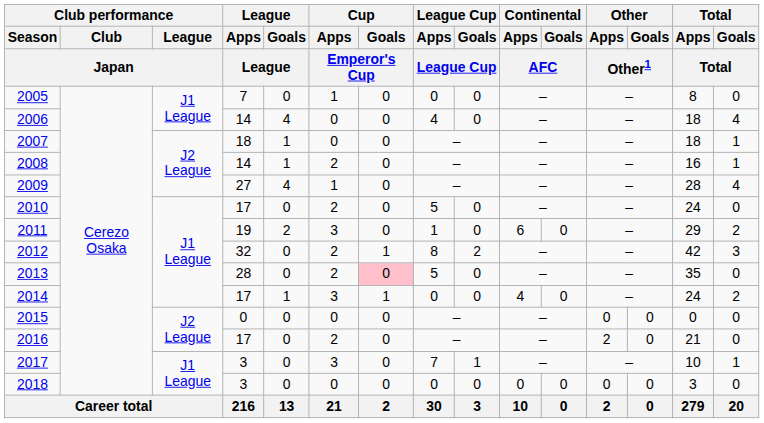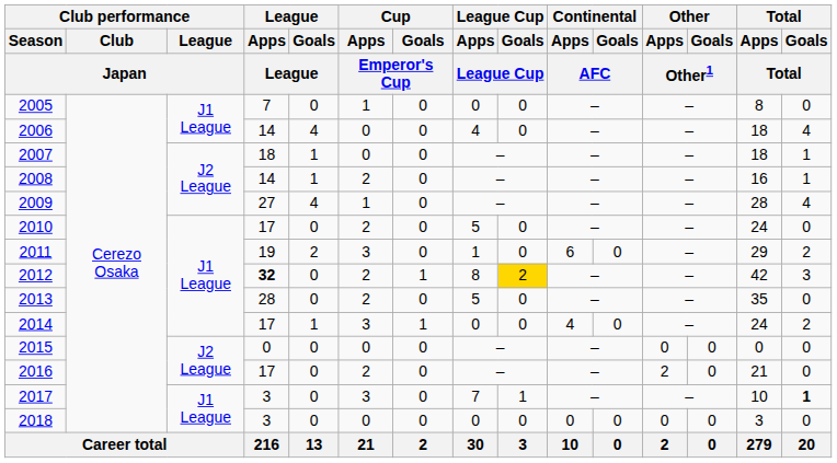 <table class="wikitable" style="text-align:center">
 <tr>
 <th colspan=3>Club performance</th>
 <th colspan=2>League</th>
 <th colspan=2>Cup</th>
 <th colspan=2>League Cup</th>
 <th colspan=2>Continental</th>
 <th colspan=2>Other</th>
 <th colspan=2>Total</th>
 </tr>
 <tr>
 <th>Season</th>
 <th>Club</th>
 <th>League</th>
 <th>Apps</th>
 <th>Goals</th>
 <th>Apps</th>
 <th>Goals</th>
 <th>Apps</th>
 <th>Goals</th>
 <th>Apps</th>
 <th>Goals</th>
 <th>Apps</th>
 <th>Goals</th>
 <th>Apps</th>
 <th>Goals</th>
 </tr>
 <tr>
 <th colspan=3>Japan</th>
 <th colspan=2>League</th>
 <th colspan=2><a href='#'>Emperor's Cup</a></th>
 <th colspan=2><a href='#'>League Cup</a></th>
 <th colspan=2><a href='#'>AFC</a></th>
 <th colspan="2">Other<sup><a href='#'>1</a></sup></th>
 <th colspan=2>Total</th>
 </tr>
 <tr>
 <td><a href='#'>2005</a></td>
 <td rowspan="14"><a href='#'>Cerezo Osaka</a></td>
 <td rowspan="2"><a href='#'>J1 League</a></td>
 <td>7</td>
 <td>0</td>
 <td>1</td>
 <td>0</td>
 <td>0</td>
 <td>0</td>
 <td colspan="2">–</td>
 <td colspan="2">–</td>
 <td>8</td>
 <td>0</td>
 </tr>
 <tr>
 <td><a href='#'>2006</a></td>
 <td>14</td>
 <td>4</td>
 <td>0</td>
 <td>0</td>
 <td>4</td>
 <td>0</td>
 <td colspan="2">–</td>
 <td colspan="2">–</td>
 <td>18</td>
 <td>4</td>
 </tr>
 <tr>
 <td><a href='#'>2007</a></td>
 <td rowspan="3"><a href='#'>J2 League</a></td>
 <td>18</td>
 <td>1</td>
 <td>0</td>
 <td>0</td>
 <td colspan="2">–</td>
 <td colspan="2">–</td>
 <td colspan="2">–</td>
 <td>18</td>
 <td>1</td>
 </tr>
 <tr>
 <td><a href='#'>2008</a></td>
 <td>14</td>
 <td>1</td>
 <td>2</td>
 <td>0</td>
 <td colspan="2">–</td>
 <td colspan="2">–</td>
 <td colspan="2">–</td>
 <td>16</td>
 <td>1</td>
 </tr>
 <tr>
 <td><a href='#'>2009</a></td>
 <td>27</td>
 <td>4</td>
 <td>1</td>
 <td>0</td>
 <td colspan="2">–</td>
 <td colspan="2">–</td>
 <td colspan="2">–</td>
 <td>28</td>
 <td>4</td>
 </tr>
 <tr>
 <td><a href='#'>2010</a></td>
 <td rowspan="5"><a href='#'>J1 League</a></td>
 <td>17</td>
 <td>0</td>
 <td>2</td>
 <td>0</td>
 <td>5</td>
 <td>0</td>
 <td colspan="2">–</td>
 <td colspan="2">–</td>
 <td>24</td>
 <td>0</td>
 </tr>
 <tr>
 <td><a href='#'>2011</a></td>
 <td>19</td>
 <td>2</td>
 <td>3</td>
 <td>0</td>
 <td>1</td>
 <td>0</td>
 <td>6</td>
 <td>0</td>
 <td colspan="2">–</td>
 <td>29</td>
 <td>2</td>
 </tr>
 <tr>
 <td><a href='#'>2012</a></td>
-<td>32</td>
+<td><strong>32</strong></td>
 <td>0</td>
 <td>2</td>
 <td>1</td>
 <td>8</td>
-<td>2</td>
+<td style="background: gold;">2</td>
 <td colspan="2">–</td>
 <td colspan="2">–</td>
 <td>42</td>
 <td>3</td>
 </tr>
 <tr>
 <td><a href='#'>2013</a></td>
 <td>28</td>
 <td>0</td>
 <td>2</td>
-<td style="background: pink;">0</td>
+<td>0</td>
 <td>5</td>
 <td>0</td>
 <td colspan="2">–</td>
 <td colspan="2">–</td>
 <td>35</td>
 <td>0</td>
 </tr>
 <tr>
 <td><a href='#'>2014</a></td>
 <td>17</td>
 <td>1</td>
 <td>3</td>
 <td>1</td>
 <td>0</td>
 <td>0</td>
 <td>4</td>
 <td>0</td>
 <td colspan="2">–</td>
 <td>24</td>
 <td>2</td>
 </tr>
 <tr>
 <td><a href='#'>2015</a></td>
 <td rowspan="2"><a href='#'>J2 League</a></td>
 <td>0</td>
 <td>0</td>
 <td>0</td>
 <td>0</td>
 <td colspan="2">–</td>
 <td colspan="2">–</td>
 <td>0</td>
 <td>0</td>
 <td>0</td>
 <td>0</td>
 </tr>
 <tr>
 <td><a href='#'>2016</a></td>
 <td>17</td>
 <td>0</td>
 <td>2</td>
 <td>0</td>
 <td colspan="2">–</td>
 <td colspan="2">–</td>
 <td>2</td>
 <td>0</td>
 <td>21</td>
 <td>0</td>
 </tr>
 <tr>
 <td><a href='#'>2017</a></td>
 <td rowspan=2><a href='#'>J1 League</a></td>
 <td>3</td>
 <td>0</td>
 <td>3</td>
 <td>0</td>
 <td>7</td>
 <td>1</td>
 <td colspan="2">–</td>
 <td colspan="2">–</td>
 <td>10</td>
-<td>1</td>
+<td><strong>1</strong></td>
 </tr>
 <tr>
 <td><a href='#'>2018</a></td>
 <td>3</td>
 <td>0</td>
 <td>0</td>
 <td>0</td>
 <td>0</td>
 <td>0</td>
 <td>0</td>
 <td>0</td>
 <td>0</td>
 <td>0</td>
 <td>3</td>
 <td>0</td>
 </tr>
 <tr>
 <th colspan=3>Career total</th>
 <th>216</th>
 <th>13</th>
 <th>21</th>
 <th>2</th>
 <th>30</th>
 <th>3</th>
 <th>10</th>
 <th>0</th>
 <th>2</th>
 <th>0</th>
 <th>279</th>
 <th>20</th>
 </tr>
 </table>
